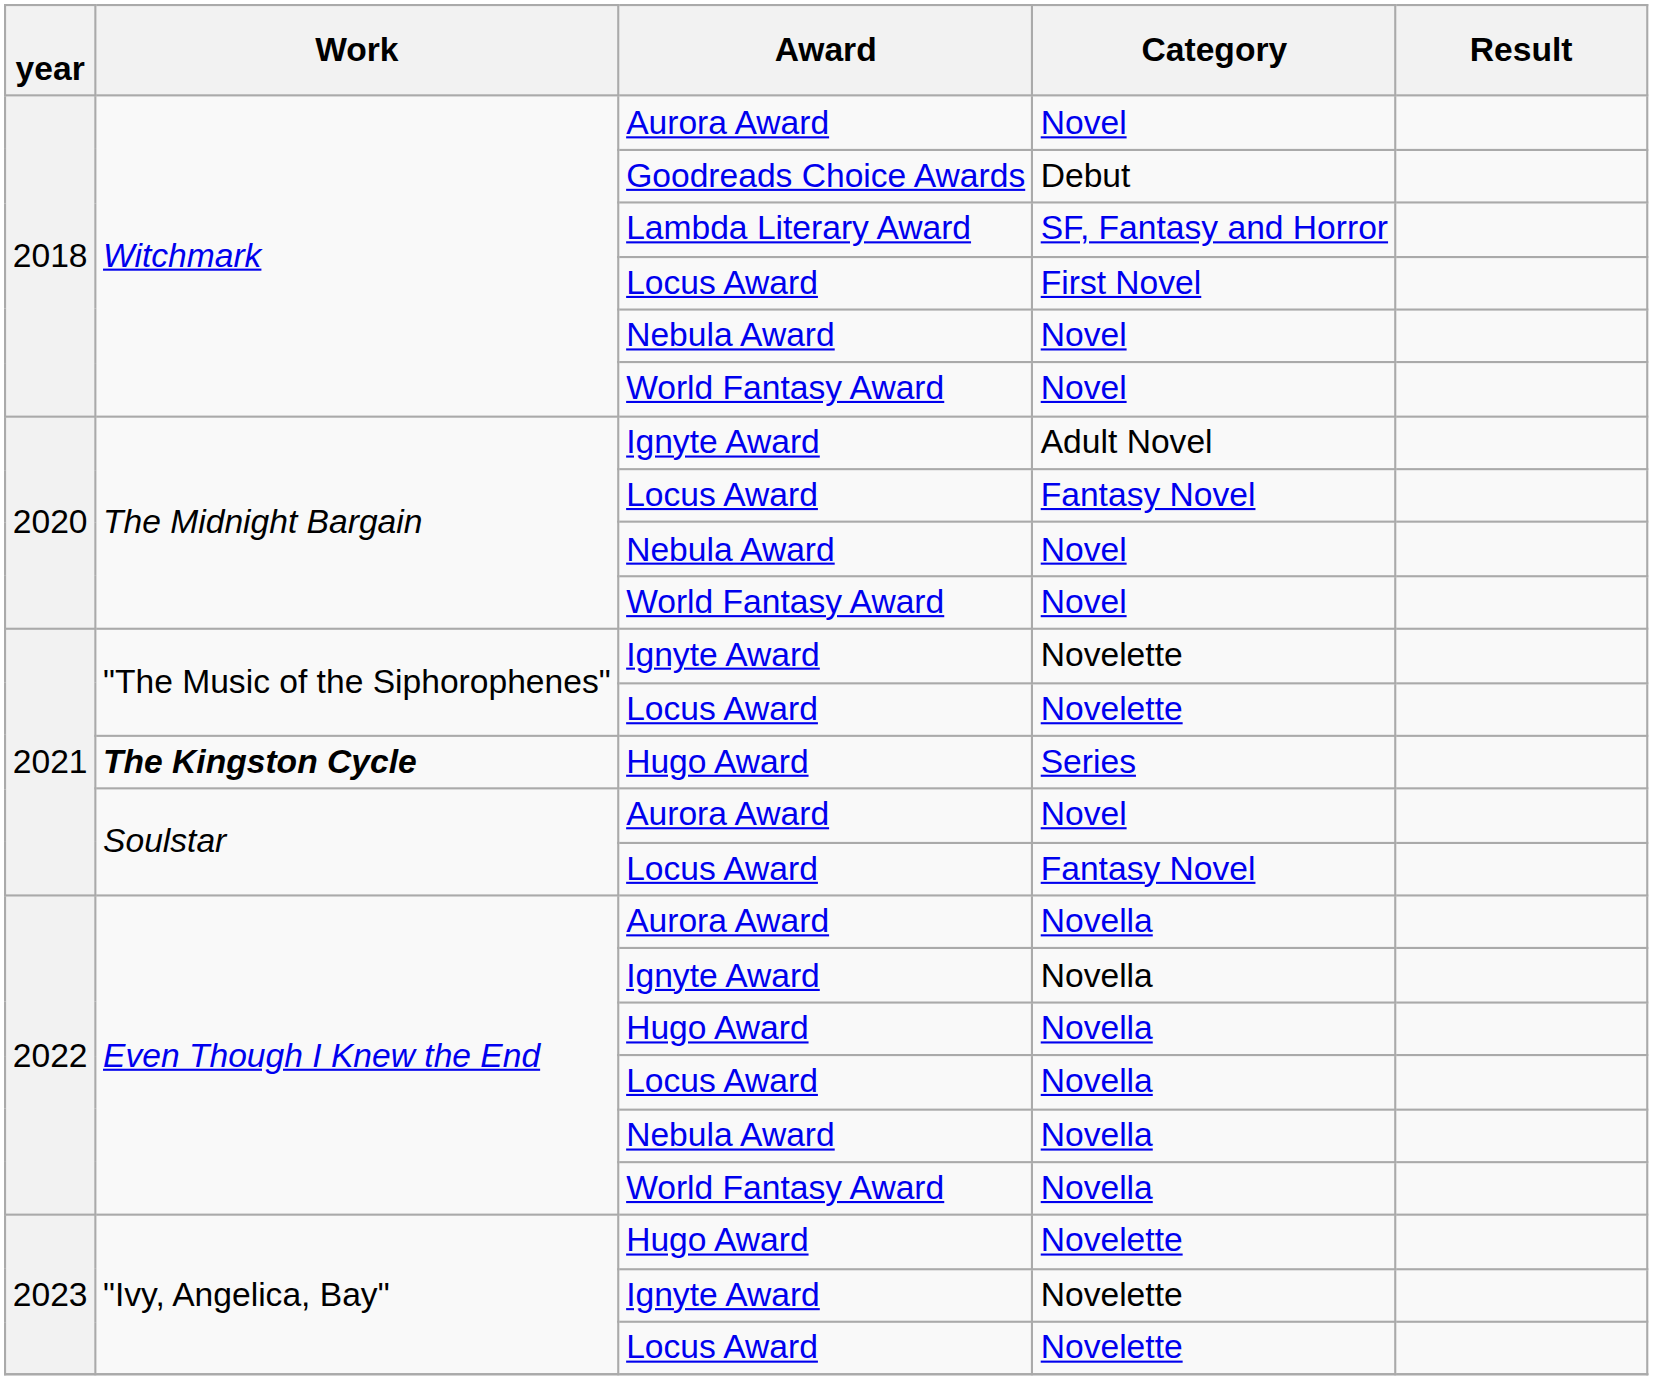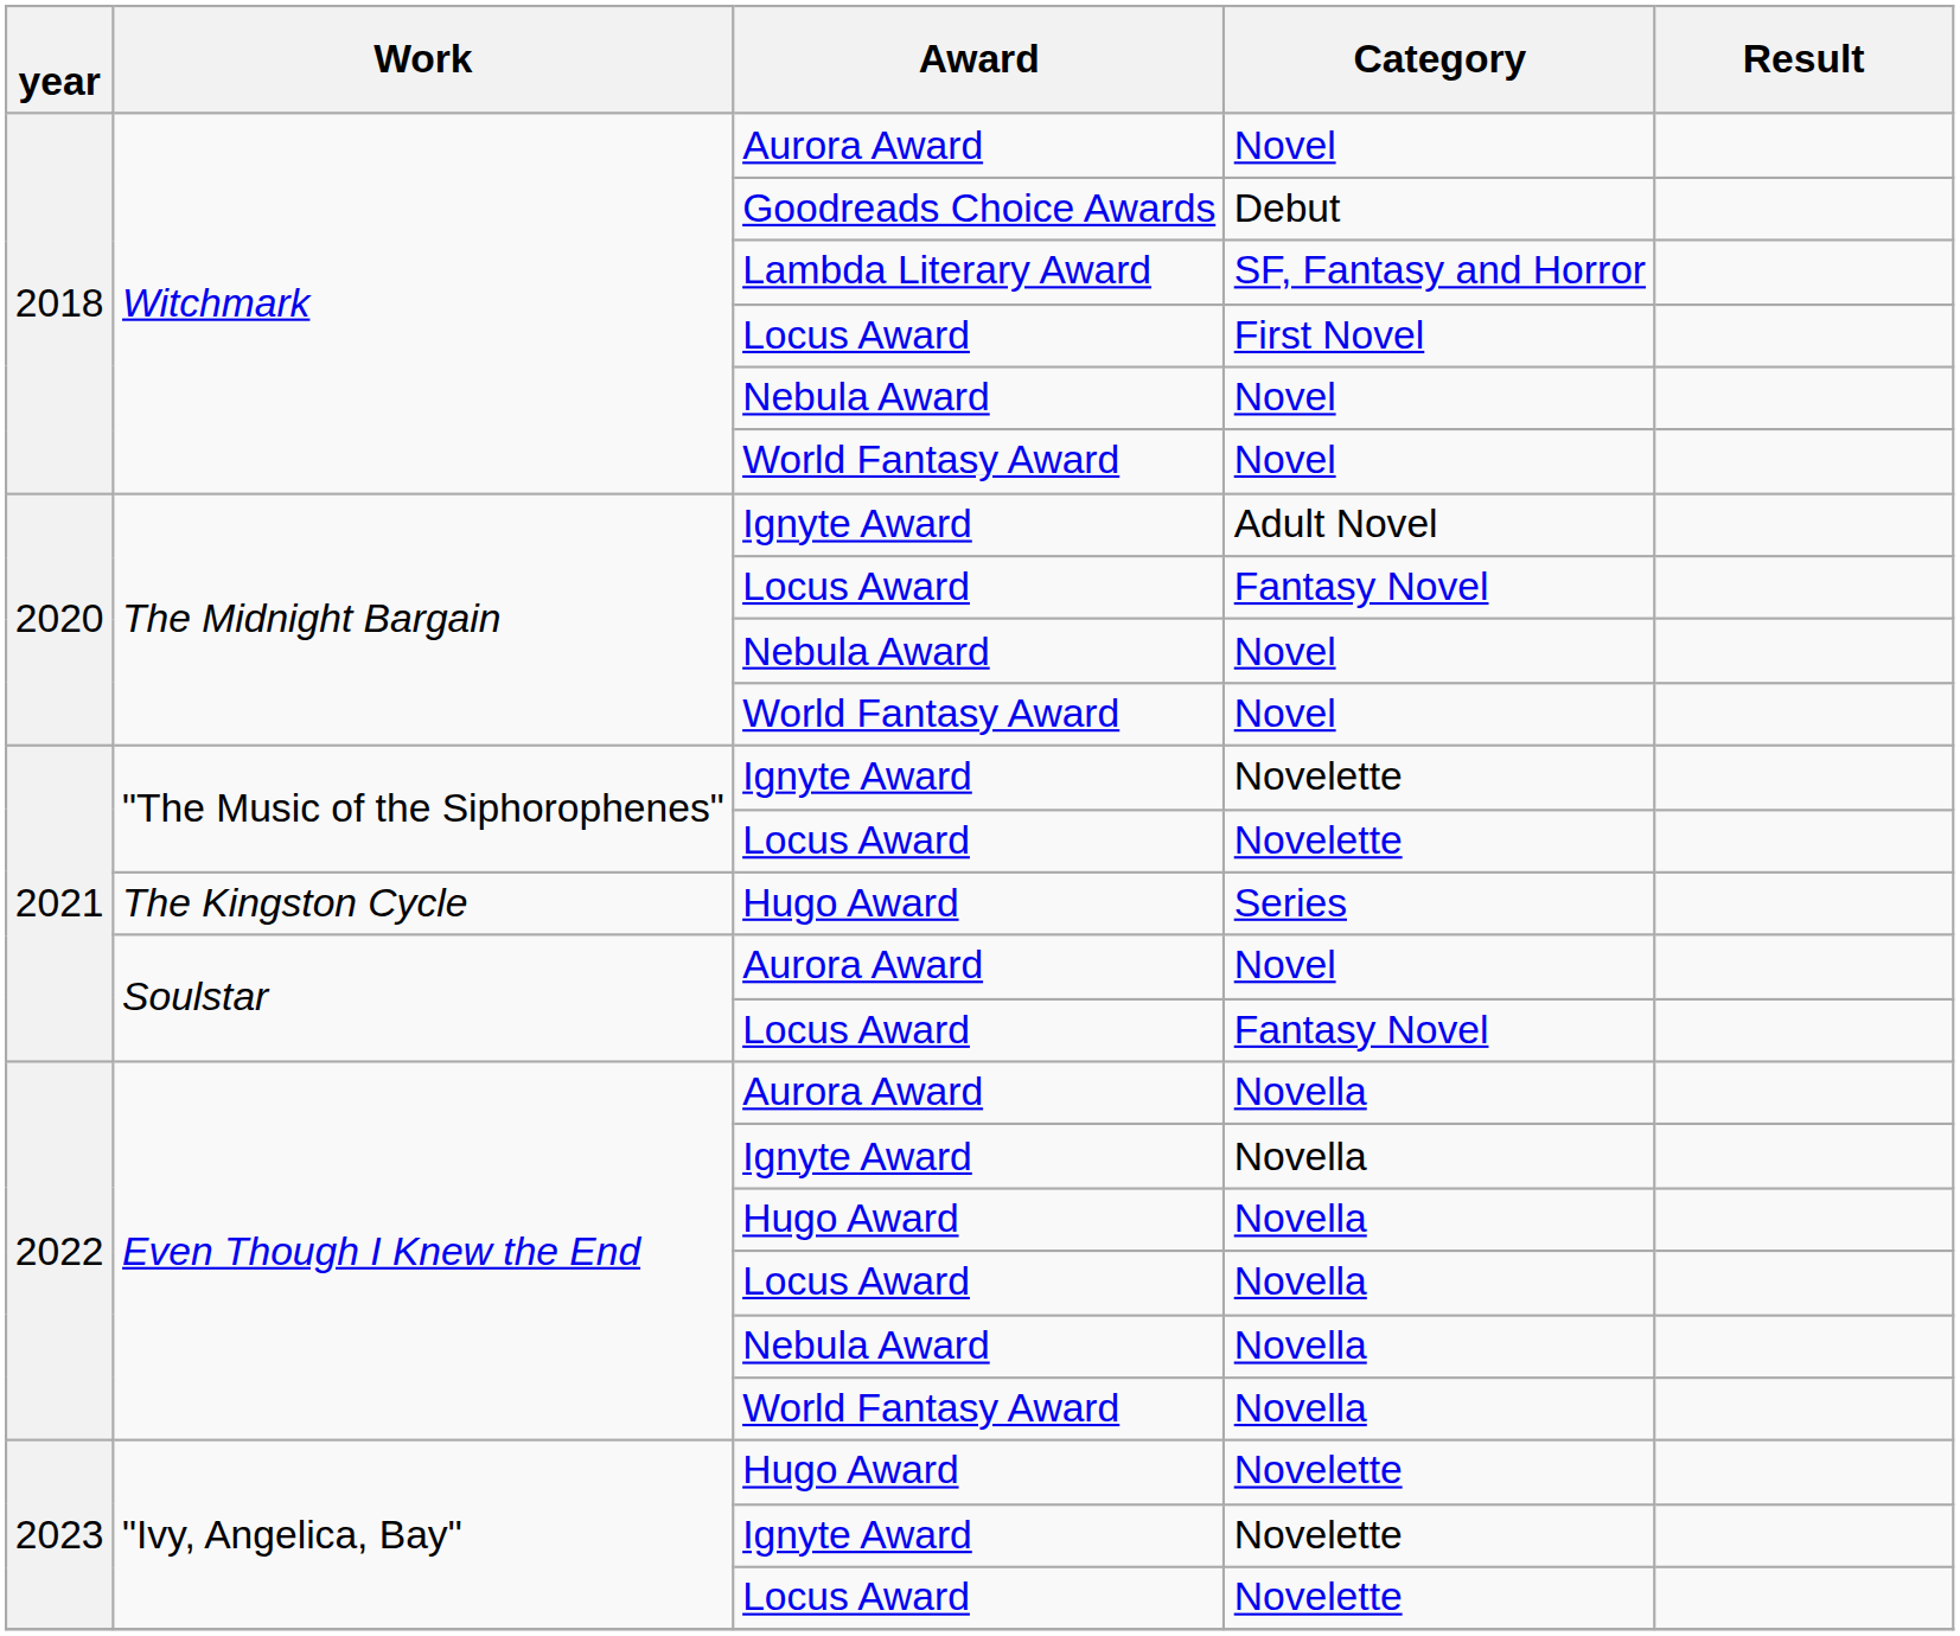 <table class="wikitable sortable">
 <tr>
 <th scope=col> <br> year</th>
 <th scope=col style="min-width: 10em">Work</th>
 <th scope=col style="min-width: 9em">Award</th>
 <th scope=col>Category</th>
 <th scope=col style="min-width: 7em">Result</th>
 </tr>
 <tr>
 <th rowspan="6" scope="row" style="font-weight: normal">2018</th>
 <td rowspan="6"><em><a href='#'>Witchmark</a></em></td>
 <td><a href='#'>Aurora Award</a></td>
 <td><a href='#'>Novel</a></td>
 <td></td>
 </tr>
 <tr>
 <td><a href='#'>Goodreads Choice Awards</a></td>
 <td>Debut</td>
 <td></td>
 </tr>
 <tr>
 <td><a href='#'>Lambda Literary Award</a></td>
 <td><a href='#'>SF, Fantasy and Horror</a></td>
 <td></td>
 </tr>
 <tr>
 <td><a href='#'>Locus Award</a></td>
 <td><a href='#'>First Novel</a></td>
 <td></td>
 </tr>
 <tr>
 <td><a href='#'>Nebula Award</a></td>
 <td><a href='#'>Novel</a></td>
 <td></td>
 </tr>
 <tr>
 <td><a href='#'>World Fantasy Award</a></td>
 <td><a href='#'>Novel</a></td>
 <td></td>
 </tr>
 <tr>
 <th scope=row style="font-weight: normal" rowspan=4>2020</th>
 <td rowspan=4 data-sort-value=Midnight Bargain, The><em>The Midnight Bargain</em></td>
 <td><a href='#'>Ignyte Award</a></td>
 <td>Adult Novel</td>
 <td></td>
 </tr>
 <tr>
 <td><a href='#'>Locus Award</a></td>
 <td><a href='#'>Fantasy Novel</a></td>
 <td></td>
 </tr>
 <tr>
 <td><a href='#'>Nebula Award</a></td>
 <td><a href='#'>Novel</a></td>
 <td></td>
 </tr>
 <tr>
 <td><a href='#'>World Fantasy Award</a></td>
 <td><a href='#'>Novel</a></td>
 <td></td>
 </tr>
 <tr>
 <th rowspan="5" style="font-weight: normal">2021</th>
 <td rowspan="2" data-sort-value="Music" of The Siphorophenes,>"The Music of the Siphorophenes"</td>
 <td><a href='#'>Ignyte Award</a></td>
 <td>Novelette</td>
 <td></td>
 </tr>
 <tr>
 <td><a href='#'>Locus Award</a></td>
 <td><a href='#'>Novelette</a></td>
 <td></td>
 </tr>
 <tr>
-<td data-sort-value=Kingston Cycle, The><strong><em>The Kingston Cycle</em></strong></td>
+<td data-sort-value=Kingston Cycle, The><em>The Kingston Cycle</em></td>
 <td><a href='#'>Hugo Award</a></td>
 <td><a href='#'>Series</a></td>
 <td></td>
 </tr>
 <tr>
 <td rowspan=2><em>Soulstar</em></td>
 <td><a href='#'>Aurora Award</a></td>
 <td><a href='#'>Novel</a></td>
 <td></td>
 </tr>
 <tr>
 <td><a href='#'>Locus Award</a></td>
 <td><a href='#'>Fantasy Novel</a></td>
 <td></td>
 </tr>
 <tr>
 <th rowspan=6  style="font-weight: normal">2022</th>
 <td rowspan=6><em><a href='#'>Even Though I Knew the End</a></em></td>
 <td><a href='#'>Aurora Award</a></td>
 <td><a href='#'>Novella</a></td>
 <td></td>
 </tr>
 <tr>
 <td><a href='#'>Ignyte Award</a></td>
 <td>Novella</td>
 <td></td>
 </tr>
 <tr>
 <td><a href='#'>Hugo Award</a></td>
 <td><a href='#'>Novella</a></td>
 <td></td>
 </tr>
 <tr>
 <td><a href='#'>Locus Award</a></td>
 <td><a href='#'>Novella</a></td>
 <td></td>
 </tr>
 <tr>
 <td><a href='#'>Nebula Award</a></td>
 <td><a href='#'>Novella</a></td>
 <td></td>
 </tr>
 <tr>
 <td><a href='#'>World Fantasy Award</a></td>
 <td><a href='#'>Novella</a></td>
 <td></td>
 </tr>
 <tr>
 <th rowspan="3" style="font-weight: normal">2023</th>
 <td rowspan="3">"Ivy, Angelica, Bay"</td>
 <td><a href='#'>Hugo Award</a></td>
 <td><a href='#'>Novelette</a></td>
 <td></td>
 </tr>
 <tr>
 <td><a href='#'>Ignyte Award</a></td>
 <td>Novelette</td>
 <td></td>
 </tr>
 <tr>
 <td><a href='#'>Locus Award</a></td>
 <td><a href='#'>Novelette</a></td>
 <td></td>
 </tr>
 <tr>
 </tr>
 </table>
